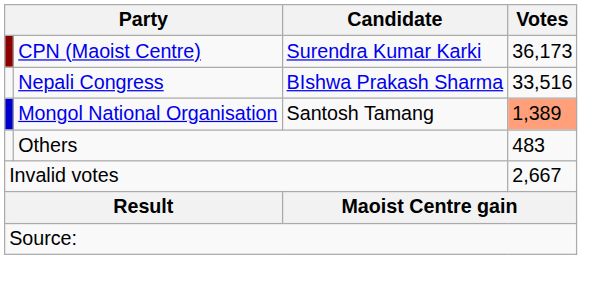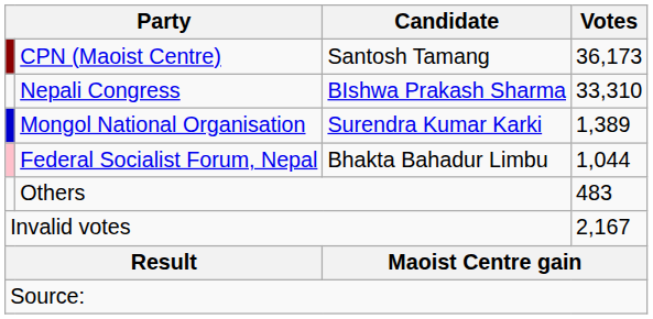 <table class="wikitable">
 <tr>
 <th colspan="2">Party</th>
 <th>Candidate</th>
 <th>Votes</th>
 </tr>
 <tr>
 <td style="background-color:darkred"></td>
 <td><a href='#'>CPN (Maoist Centre)</a></td>
-<td><a href='#'>Surendra Kumar Karki</a></td>
+<td>Santosh Tamang</td>
 <td>36,173</td>
 </tr>
 <tr>
 <td style="background-color:"></td>
 <td><a href='#'>Nepali Congress</a></td>
 <td><a href='#'>BIshwa Prakash Sharma</a></td>
-<td>33,516</td>
+<td>33,310</td>
 </tr>
 <tr>
 <td style="background-color:mediumblue"></td>
 <td><a href='#'>Mongol National Organisation</a></td>
-<td>Santosh Tamang</td>
-<td style="background: lightsalmon;">1,389</td>
+<td><a href='#'>Surendra Kumar Karki</a></td>
+<td>1,389</td>
+</tr>
+<tr>
+<td style="background-color:#ffc0cb"></td>
+<td><a href='#'>Federal Socialist Forum, Nepal</a></td>
+<td>Bhakta Bahadur Limbu</td>
+<td>1,044</td>
 </tr>
 <tr>
 <td></td>
 <td colspan="2">Others</td>
 <td>483</td>
 </tr>
 <tr>
 <td colspan="3">Invalid votes</td>
-<td>2,667</td>
+<td>2,167</td>
 </tr>
 <tr>
 <th colspan="2">Result</th>
 <th colspan="2">Maoist Centre gain</th>
 </tr>
 <tr>
 <td colspan="4">Source: </td>
 </tr>
 </table>
